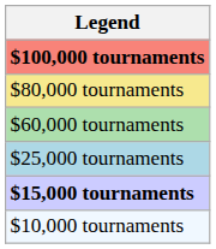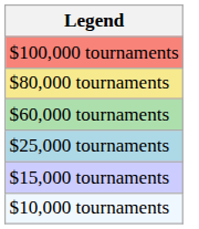 <table class="wikitable" style="font-size:90%;">
 <tr>
 <th>Legend</th>
 </tr>
 <tr style="background:#f88379;">
-<td><strong>$100,000 tournaments</strong></td>
+<td>$100,000 tournaments</td>
 </tr>
 <tr style="background:#f7e98e;">
 <td>$80,000 tournaments</td>
 </tr>
 <tr style="background:#addfad;">
 <td>$60,000 tournaments</td>
 </tr>
 <tr style="background:lightblue;">
 <td>$25,000 tournaments</td>
 </tr>
 <tr style="background:#ccf;">
-<td><strong>$15,000 tournaments</strong></td>
+<td>$15,000 tournaments</td>
 </tr>
 <tr style="background:#f0f8ff;">
 <td>$10,000 tournaments</td>
 </tr>
 </table>
